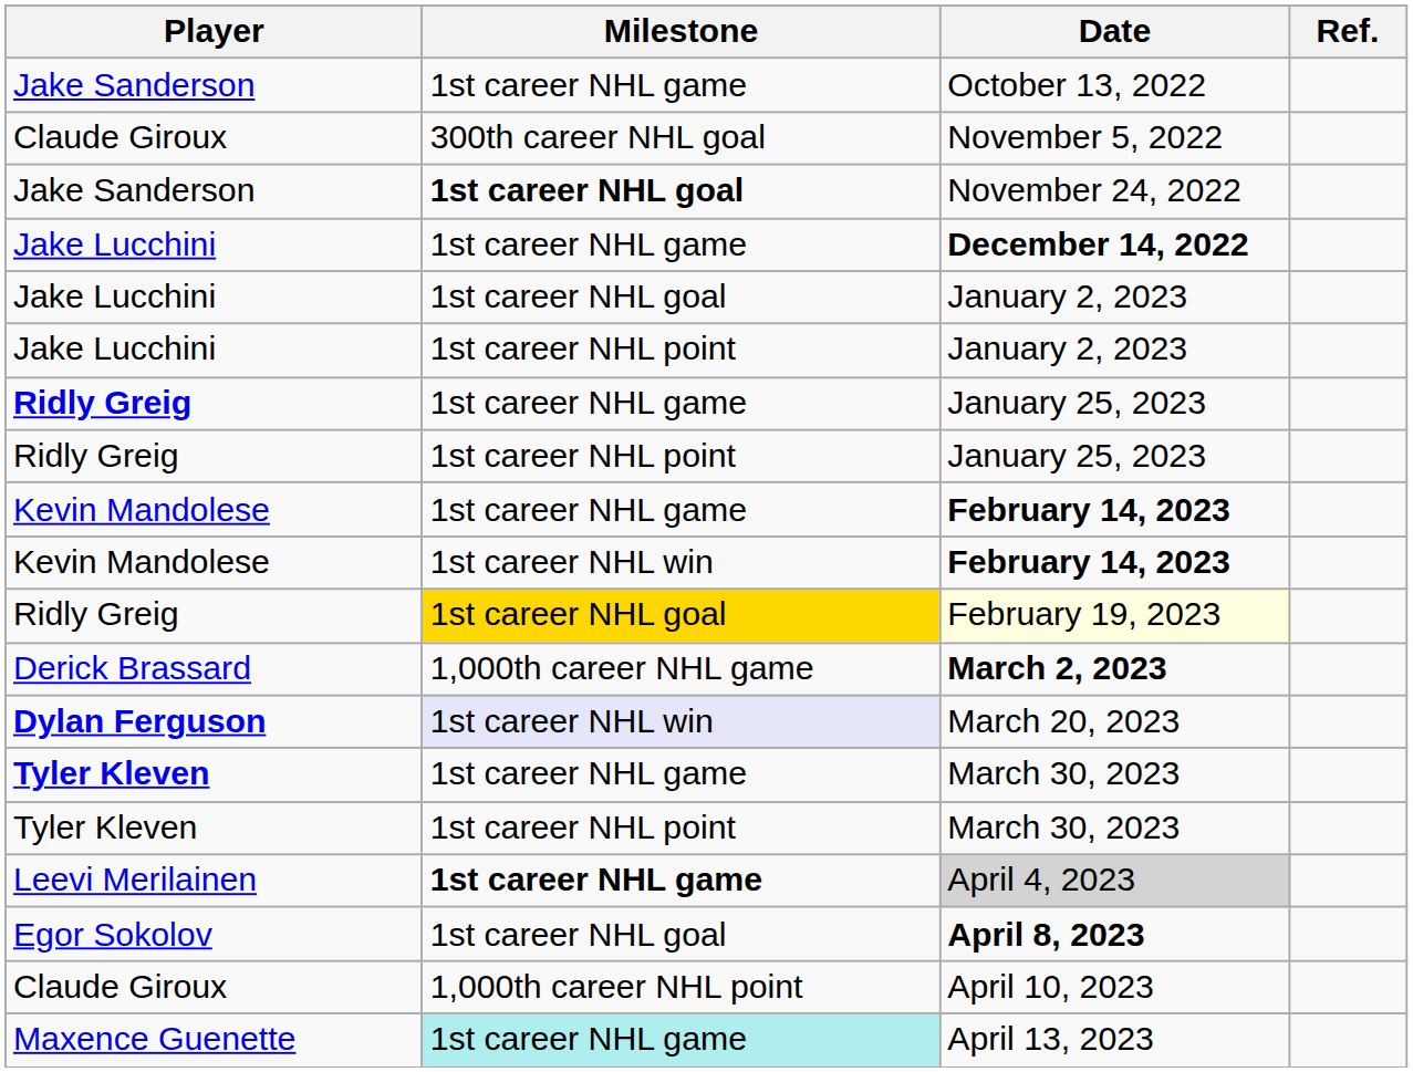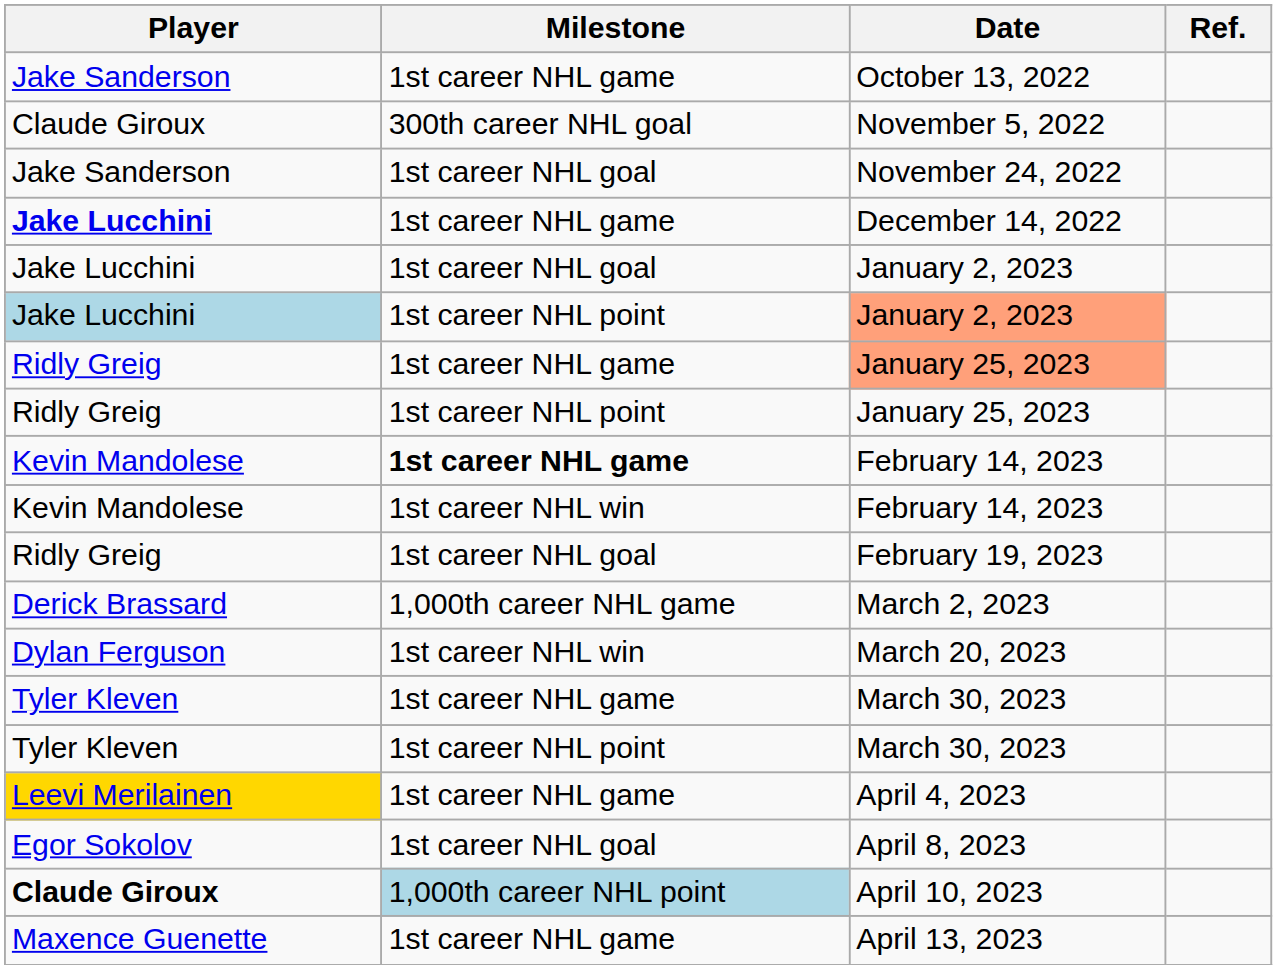 <table class="wikitable">
 <tr>
 <th style="width:12em">Player</th>
 <th style="width:15em">Milestone</th>
 <th style="width:10em">Date</th>
 <th style="width:3em">Ref.<br></th>
 </tr>
 <tr>
 <td><a href='#'>Jake Sanderson</a></td>
 <td>1st career NHL game</td>
 <td>October 13, 2022</td>
 <td style="text-align:center"></td>
 </tr>
 <tr>
 <td>Claude Giroux</td>
 <td>300th career NHL goal</td>
 <td>November 5, 2022</td>
 <td style="text-align:center"></td>
 </tr>
 <tr>
 <td>Jake Sanderson</td>
-<td><strong>1st career NHL goal</strong></td>
+<td>1st career NHL goal</td>
 <td>November 24, 2022</td>
 <td style="text-align:center"></td>
 </tr>
 <tr>
-<td><a href='#'>Jake Lucchini</a></td>
+<td><strong><a href='#'>Jake Lucchini</a></strong></td>
 <td>1st career NHL game</td>
-<td><strong>December 14, 2022</strong></td>
+<td>December 14, 2022</td>
 <td style="text-align:center"></td>
 </tr>
 <tr>
 <td>Jake Lucchini</td>
 <td>1st career NHL goal</td>
 <td>January 2, 2023</td>
 <td style="text-align:center"></td>
 </tr>
 <tr>
-<td>Jake Lucchini</td>
+<td style="background: lightblue;">Jake Lucchini</td>
 <td>1st career NHL point</td>
-<td>January 2, 2023</td>
+<td style="background: lightsalmon;">January 2, 2023</td>
 <td style="text-align:center"></td>
 </tr>
 <tr>
-<td><strong><a href='#'>Ridly Greig</a></strong></td>
+<td><a href='#'>Ridly Greig</a></td>
 <td>1st career NHL game</td>
-<td>January 25, 2023</td>
+<td style="background: lightsalmon;">January 25, 2023</td>
 <td style="text-align:center"></td>
 </tr>
 <tr>
 <td>Ridly Greig</td>
 <td>1st career NHL point</td>
 <td>January 25, 2023</td>
 <td style="text-align:center"></td>
 </tr>
 <tr>
 <td><a href='#'>Kevin Mandolese</a></td>
-<td>1st career NHL game</td>
-<td><strong>February 14, 2023</strong></td>
+<td><strong>1st career NHL game</strong></td>
+<td>February 14, 2023</td>
 <td style="text-align:center"></td>
 </tr>
 <tr>
 <td>Kevin Mandolese</td>
 <td>1st career NHL win</td>
-<td><strong>February 14, 2023</strong></td>
+<td>February 14, 2023</td>
 <td style="text-align:center"></td>
 </tr>
 <tr>
 <td>Ridly Greig</td>
-<td style="background: gold;">1st career NHL goal</td>
-<td style="background: lightyellow;">February 19, 2023</td>
+<td>1st career NHL goal</td>
+<td>February 19, 2023</td>
 <td style="text-align:center"></td>
 </tr>
 <tr>
 <td><a href='#'>Derick Brassard</a></td>
 <td>1,000th career NHL game</td>
-<td><strong>March 2, 2023</strong></td>
+<td>March 2, 2023</td>
 <td style="text-align:center"></td>
 </tr>
 <tr>
-<td><strong><a href='#'>Dylan Ferguson</a></strong></td>
-<td style="background: lavender;">1st career NHL win</td>
+<td><a href='#'>Dylan Ferguson</a></td>
+<td>1st career NHL win</td>
 <td>March 20, 2023</td>
 <td style="text-align:center"></td>
 </tr>
 <tr>
-<td><strong><a href='#'>Tyler Kleven</a></strong></td>
+<td><a href='#'>Tyler Kleven</a></td>
 <td>1st career NHL game</td>
 <td>March 30, 2023</td>
 <td style="text-align:center"></td>
 </tr>
 <tr>
 <td>Tyler Kleven</td>
 <td>1st career NHL point</td>
 <td>March 30, 2023</td>
 <td style="text-align:center"></td>
 </tr>
 <tr>
-<td><a href='#'>Leevi Merilainen</a></td>
-<td><strong>1st career NHL game</strong></td>
-<td style="background: lightgrey;">April 4, 2023</td>
+<td style="background: gold;"><a href='#'>Leevi Merilainen</a></td>
+<td>1st career NHL game</td>
+<td>April 4, 2023</td>
 <td style="text-align:center"></td>
 </tr>
 <tr>
 <td><a href='#'>Egor Sokolov</a></td>
 <td>1st career NHL goal</td>
-<td><strong>April 8, 2023</strong></td>
+<td>April 8, 2023</td>
 <td style="text-align:center"></td>
 </tr>
 <tr>
-<td>Claude Giroux</td>
-<td>1,000th career NHL point</td>
+<td><strong>Claude Giroux</strong></td>
+<td style="background: lightblue;">1,000th career NHL point</td>
 <td>April 10, 2023</td>
 <td style="text-align:center"></td>
 </tr>
 <tr>
 <td><a href='#'>Maxence Guenette</a></td>
-<td style="background: paleturquoise;">1st career NHL game</td>
+<td>1st career NHL game</td>
 <td>April 13, 2023</td>
 <td style="text-align:center"></td>
 </tr>
 <tr>
 </tr>
 </table>
